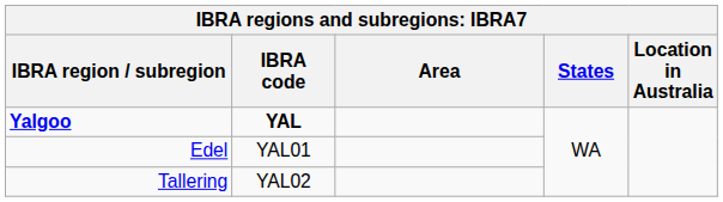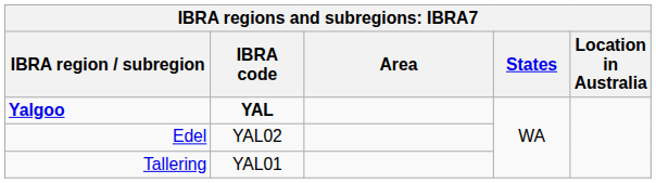 <table class="wikitable sortable">
 <tr>
 <th rowwidth=100px colspan=5>IBRA regions and subregions: IBRA7</th>
 </tr>
 <tr>
 <th scope="col" style="width:250px;">IBRA region / subregion</th>
 <th scope="col" style="width:100px;">IBRA code</th>
 <th scope="col" style="width:250px;">Area</th>
 <th scope="col" style="width:75px;"><a href='#'>States</a></th>
 <th>Location in Australia</th>
 </tr>
 <tr>
 <td><strong><a href='#'>Yalgoo</a></strong></td>
 <td style="text-align:center;"><strong>YAL</strong></td>
 <td align="right"><strong></strong></td>
 <td style="text-align:center;" rowspan="3">WA</td>
 <td style="text-align:center;" rowspan="3"></td>
 </tr>
 <tr>
 <td align="right"><a href='#'>Edel</a></td>
-<td style="text-align:center;">YAL01</td>
+<td style="text-align:center;">YAL02</td>
 <td align="right"></td>
 </tr>
 <tr>
 <td align="right"><a href='#'>Tallering</a></td>
-<td style="text-align:center;">YAL02</td>
+<td style="text-align:center;">YAL01</td>
 <td align="right"></td>
 </tr>
 </table>
